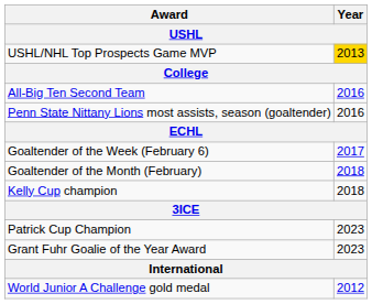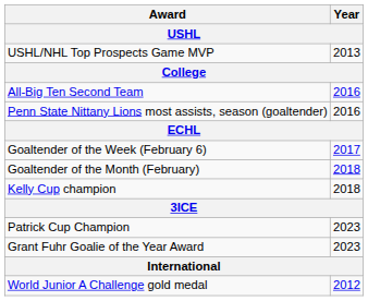 <table class="wikitable">
 <tr>
 <th>Award</th>
 <th>Year</th>
 </tr>
 <tr>
 <th colspan="3"><a href='#'>USHL</a></th>
 </tr>
 <tr>
 <td>USHL/NHL Top Prospects Game MVP</td>
-<td style="background: gold;">2013</td>
+<td>2013</td>
 </tr>
 <tr>
 <th colspan="3"><a href='#'>College</a></th>
 </tr>
 <tr>
 <td><a href='#'>All-Big Ten Second Team</a></td>
 <td><a href='#'>2016</a></td>
 </tr>
 <tr>
 <td><a href='#'>Penn State Nittany Lions</a> most assists, season (goaltender)</td>
 <td>2016</td>
 </tr>
 <tr>
 <th colspan="3"><a href='#'>ECHL</a></th>
 </tr>
 <tr>
 <td>Goaltender of the Week (February 6)</td>
 <td><a href='#'>2017</a></td>
 </tr>
 <tr>
 <td>Goaltender of the Month (February)</td>
 <td><a href='#'>2018</a></td>
 </tr>
 <tr>
 <td><a href='#'>Kelly Cup</a> champion</td>
 <td>2018</td>
 </tr>
 <tr>
 <th colspan="3"><a href='#'>3ICE</a></th>
 </tr>
 <tr>
 <td>Patrick Cup Champion</td>
 <td>2023</td>
 </tr>
 <tr>
 <td>Grant Fuhr Goalie of the Year Award</td>
 <td>2023</td>
 </tr>
 <tr>
 <th colspan="3">International</th>
 </tr>
 <tr>
 <td><a href='#'>World Junior A Challenge</a> gold medal</td>
 <td><a href='#'>2012</a></td>
 </tr>
 </table>
